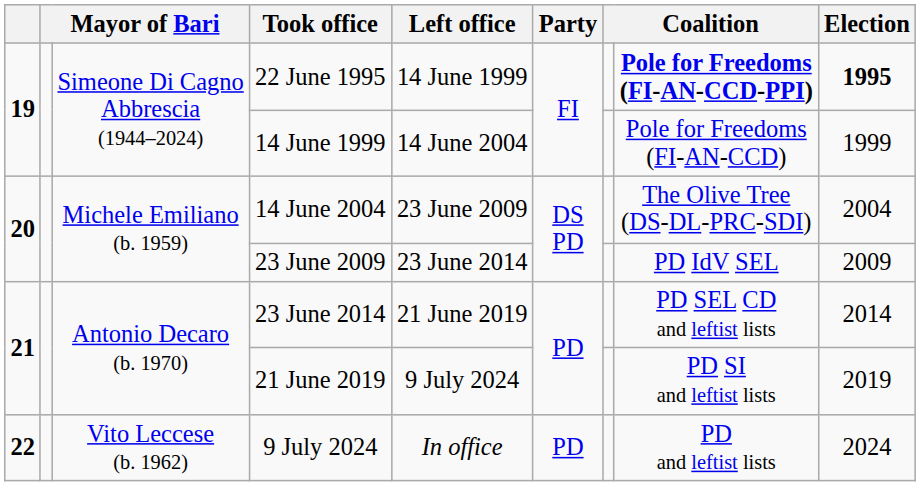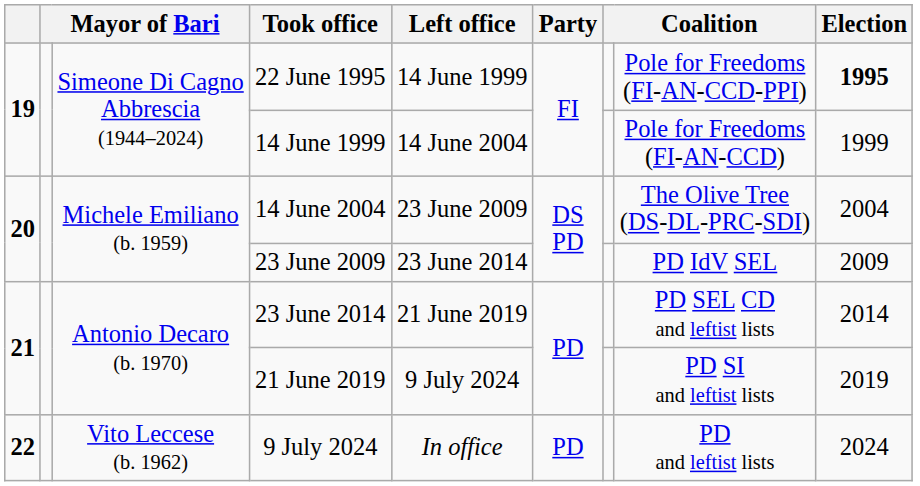 <table class="wikitable" style="text-align: center;">
 <tr>
 <th><br></th>
 <th colspan="2">Mayor of <a href='#'>Bari</a></th>
 <th>Took office</th>
 <th>Left office</th>
 <th>Party</th>
 <th colspan="2">Coalition</th>
 <th>Election</th>
 </tr>
 <tr>
 <td rowspan="2" style="background: "><strong>19</strong></td>
 <td rowspan="2"></td>
 <td rowspan="2"><a href='#'>Simeone Di Cagno<br>Abbrescia</a> <br><small>(1944–2024)</small></td>
 <td>22 June 1995</td>
 <td>14 June 1999</td>
 <td rowspan="2"><a href='#'>FI</a></td>
 <td style="background: "></td>
-<td><strong><a href='#'>Pole for Freedoms</a><br>(<a href='#'>FI</a>-<a href='#'>AN</a>-<a href='#'>CCD</a>-<a href='#'>PPI</a>)</strong></td>
+<td><a href='#'>Pole for Freedoms</a><br>(<a href='#'>FI</a>-<a href='#'>AN</a>-<a href='#'>CCD</a>-<a href='#'>PPI</a>)</td>
 <td><strong>1995</strong></td>
 </tr>
 <tr>
 <td>14 June 1999</td>
 <td>14 June 2004</td>
 <td style="background: "></td>
 <td><a href='#'>Pole for Freedoms</a><br>(<a href='#'>FI</a>-<a href='#'>AN</a>-<a href='#'>CCD</a>)</td>
 <td>1999</td>
 </tr>
 <tr>
 <td rowspan="2" style="background: "><strong>20</strong></td>
 <td rowspan="2"></td>
 <td rowspan="2"><a href='#'>Michele Emiliano</a> <br><small>(b. 1959)</small></td>
 <td>14 June 2004</td>
 <td>23 June 2009</td>
 <td rowspan="2"><a href='#'>DS</a><br><a href='#'>PD</a></td>
 <td style="background: "></td>
 <td><a href='#'>The Olive Tree</a><br>(<a href='#'>DS</a>-<a href='#'>DL</a>-<a href='#'>PRC</a>-<a href='#'>SDI</a>)</td>
 <td>2004</td>
 </tr>
 <tr>
 <td>23 June 2009</td>
 <td>23 June 2014</td>
 <td style="background: "></td>
 <td><a href='#'>PD</a>  <a href='#'>IdV</a>  <a href='#'>SEL</a></td>
 <td>2009</td>
 </tr>
 <tr>
 <td rowspan="2" style="background: "><strong>21</strong></td>
 <td rowspan="2"></td>
 <td rowspan="2"><a href='#'>Antonio Decaro</a> <br><small>(b. 1970)</small></td>
 <td>23 June 2014</td>
 <td>21 June 2019</td>
 <td rowspan="2"><a href='#'>PD</a></td>
 <td style="background: "></td>
 <td><a href='#'>PD</a>  <a href='#'>SEL</a>  <a href='#'>CD</a><br><small>and <a href='#'>leftist</a> lists</small></td>
 <td>2014</td>
 </tr>
 <tr>
 <td>21 June 2019</td>
 <td>9 July 2024</td>
 <td style="background: "></td>
 <td><a href='#'>PD</a>  <a href='#'>SI</a><br><small>and <a href='#'>leftist</a> lists</small></td>
 <td>2019</td>
 </tr>
 <tr>
 <td style="background: "><strong>22</strong></td>
 <td></td>
 <td><a href='#'>Vito Leccese</a> <br><small>(b. 1962)</small></td>
 <td>9 July 2024</td>
 <td><em>In office</em></td>
 <td><a href='#'>PD</a></td>
 <td style="background: "></td>
 <td><a href='#'>PD</a> <br><small>and <a href='#'>leftist</a> lists</small></td>
 <td>2024</td>
 </tr>
 </table>
